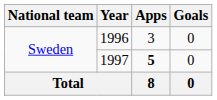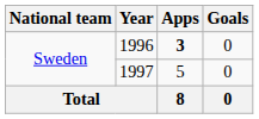 <table class="wikitable" style="text-align:center">
 <tr>
 <th>National team</th>
 <th>Year</th>
 <th>Apps</th>
 <th>Goals</th>
 </tr>
 <tr>
 <td rowspan="2"><a href='#'>Sweden</a></td>
 <td>1996</td>
-<td>3</td>
+<td><strong>3</strong></td>
 <td>0</td>
 </tr>
 <tr>
 <td>1997</td>
-<td><strong>5</strong></td>
+<td>5</td>
 <td>0</td>
 </tr>
 <tr>
 <th colspan="2">Total</th>
 <th>8</th>
 <th>0</th>
 </tr>
 </table>
